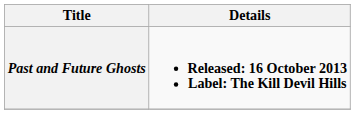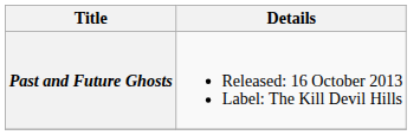 <table class="wikitable plainrowheaders" style="text-align:center;" border="1">
 <tr>
 <th>Title</th>
 <th>Details</th>
 </tr>
 <tr>
 <th scope="row"><em>Past and Future Ghosts</em></th>
-<td><strong><br><ul><li>Released: 16 October 2013</li><li>Label: The Kill Devil Hills</li></ul></strong></td>
+<td><br><ul><li>Released: 16 October 2013</li><li>Label: The Kill Devil Hills</li></ul></td>
 </tr>
 <tr>
 </tr>
 </table>
